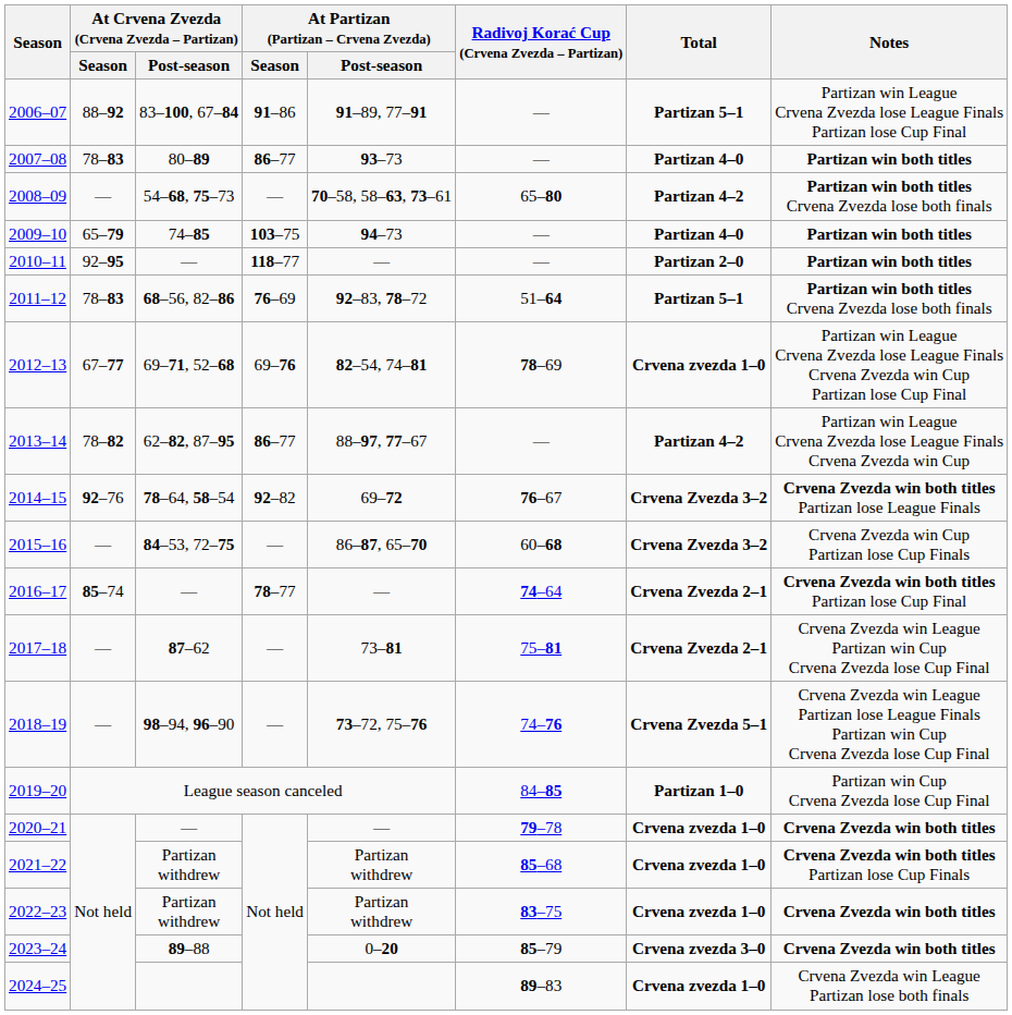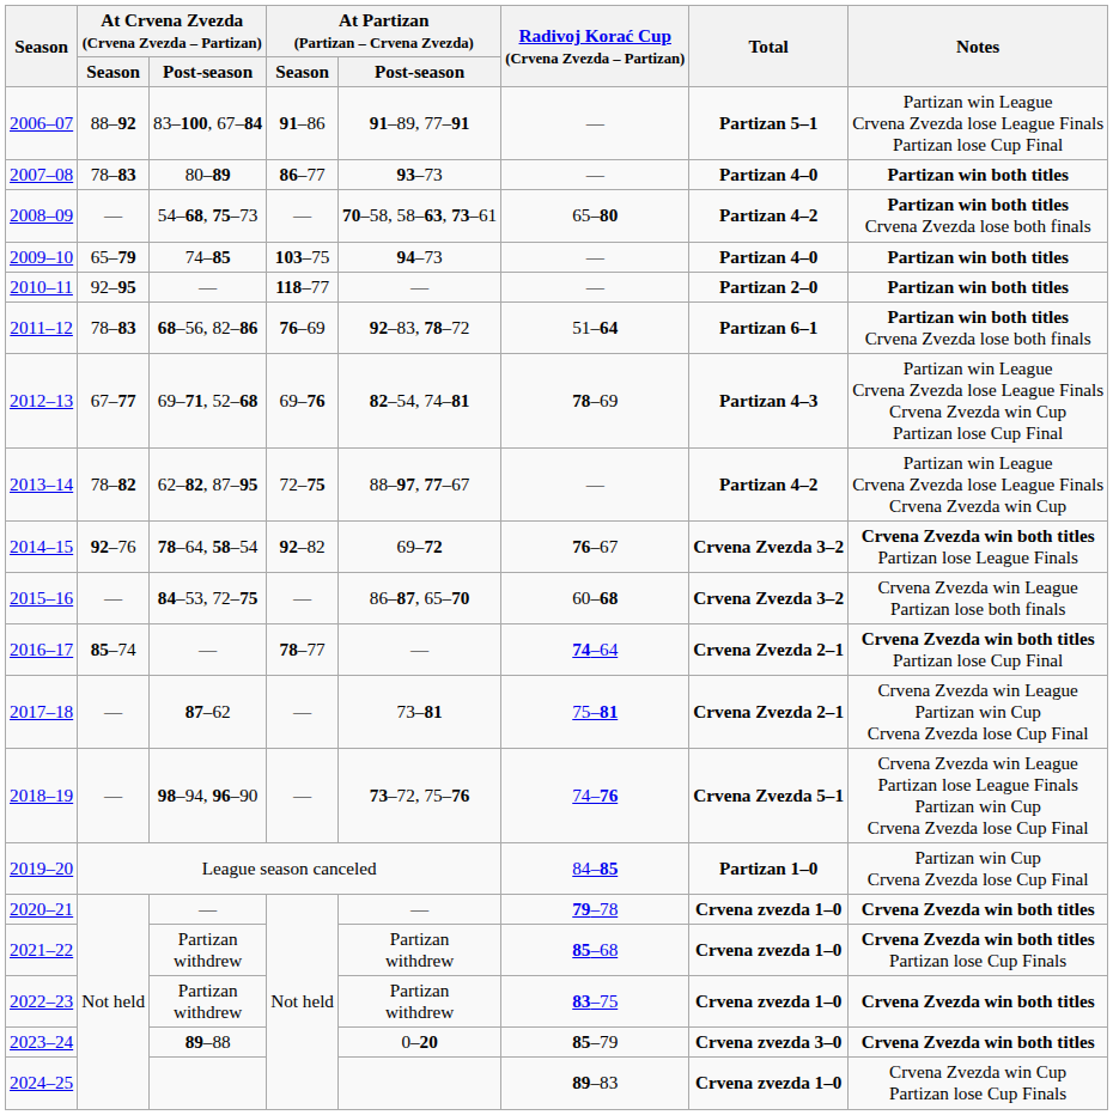 <table class="wikitable" style="text-align: center; font-size:95%">
 <tr>
 <th rowspan=2>Season</th>
 <th colspan=2>At Crvena Zvezda<br><small>(Crvena Zvezda – Partizan)</small></th>
 <th colspan=2>At Partizan<br><small>(Partizan – Crvena Zvezda)</small></th>
 <th rowspan=2><a href='#'>Radivoj Korać Cup</a><br><small>(Crvena Zvezda – Partizan)</small></th>
 <th rowspan=2>Total</th>
 <th rowspan=2>Notes</th>
 </tr>
 <tr>
 <th>Season</th>
 <th>Post-season</th>
 <th>Season</th>
 <th>Post-season</th>
 </tr>
 <tr>
 <td><a href='#'>2006–07</a></td>
 <td>88–<strong>92</strong></td>
 <td>83–<strong>100</strong>, 67–<strong>84</strong></td>
 <td><strong>91</strong>–86</td>
 <td><strong>91</strong>–89, 77–<strong>91</strong></td>
 <td>—</td>
 <td><strong>Partizan 5–1</strong></td>
 <td>Partizan win League<br>Crvena Zvezda lose League Finals<br>Partizan lose Cup Final</td>
 </tr>
 <tr>
 <td><a href='#'>2007–08</a></td>
 <td>78–<strong>83</strong></td>
 <td>80–<strong>89</strong></td>
 <td><strong>86</strong>–77</td>
 <td><strong>93</strong>–73</td>
 <td>—</td>
 <td><strong>Partizan 4–0</strong></td>
 <td><strong>Partizan win both titles</strong></td>
 </tr>
 <tr>
 <td><a href='#'>2008–09</a></td>
 <td>—</td>
 <td>54–<strong>68</strong>, <strong>75</strong>–73</td>
 <td>—</td>
 <td><strong>70</strong>–58, 58–<strong>63</strong>, <strong>73</strong>–61</td>
 <td>65–<strong>80</strong></td>
 <td><strong>Partizan 4–2</strong></td>
 <td><strong>Partizan win both titles</strong><br>Crvena Zvezda lose both finals</td>
 </tr>
 <tr>
 <td><a href='#'>2009–10</a></td>
 <td>65–<strong>79</strong></td>
 <td>74–<strong>85</strong></td>
 <td><strong>103</strong>–75</td>
 <td><strong>94</strong>–73</td>
 <td>—</td>
 <td><strong>Partizan 4–0</strong></td>
 <td><strong>Partizan win both titles</strong></td>
 </tr>
 <tr>
 <td><a href='#'>2010–11</a></td>
 <td>92–<strong>95</strong></td>
 <td>—</td>
 <td><strong>118</strong>–77</td>
 <td>—</td>
 <td>—</td>
 <td><strong>Partizan 2–0</strong></td>
 <td><strong>Partizan win both titles</strong></td>
 </tr>
 <tr>
 <td><a href='#'>2011–12</a></td>
 <td>78–<strong>83</strong></td>
 <td><strong>68</strong>–56, 82–<strong>86</strong></td>
 <td><strong>76</strong>–69</td>
 <td><strong>92</strong>–83, <strong>78</strong>–72</td>
 <td>51–<strong>64</strong></td>
-<td><strong>Partizan 5–1</strong></td>
+<td><strong>Partizan 6–1</strong></td>
 <td><strong>Partizan win both titles</strong><br>Crvena Zvezda lose both finals</td>
 </tr>
 <tr>
 <td><a href='#'>2012–13</a></td>
 <td>67–<strong>77</strong></td>
 <td>69–<strong>71</strong>, 52–<strong>68</strong></td>
 <td>69–<strong>76</strong></td>
 <td><strong>82</strong>–54, 74–<strong>81</strong></td>
 <td><strong>78</strong>–69</td>
-<td><strong>Crvena zvezda 1–0</strong></td>
+<td><strong>Partizan 4–3</strong></td>
 <td>Partizan win League<br>Crvena Zvezda lose League Finals<br>Crvena Zvezda win Cup<br>Partizan lose Cup Final</td>
 </tr>
 <tr>
 <td><a href='#'>2013–14</a></td>
 <td>78–<strong>82</strong></td>
 <td>62–<strong>82</strong>, 87–<strong>95</strong></td>
-<td><strong>86</strong>–77</td>
+<td>72–<strong>75</strong></td>
 <td>88–<strong>97</strong>, <strong>77</strong>–67</td>
 <td>—</td>
 <td><strong>Partizan 4–2</strong></td>
 <td>Partizan win League<br>Crvena Zvezda lose League Finals<br>Crvena Zvezda win Cup</td>
 </tr>
 <tr>
 <td><a href='#'>2014–15</a></td>
 <td><strong>92</strong>–76</td>
 <td><strong>78</strong>–64, <strong>58</strong>–54</td>
 <td><strong>92</strong>–82</td>
 <td>69–<strong>72</strong></td>
 <td><strong>76</strong>–67</td>
 <td><strong>Crvena Zvezda 3–2</strong></td>
 <td><strong>Crvena Zvezda win both titles</strong><br>Partizan lose League Finals</td>
 </tr>
 <tr>
 <td><a href='#'>2015–16</a></td>
 <td>—</td>
 <td><strong>84</strong>–53, 72–<strong>75</strong></td>
 <td>—</td>
 <td>86–<strong>87</strong>, 65–<strong>70</strong></td>
 <td>60–<strong>68</strong></td>
 <td><strong>Crvena Zvezda 3–2</strong></td>
-<td>Crvena Zvezda win Cup<br>Partizan lose Cup Finals</td>
+<td>Crvena Zvezda win League<br>Partizan lose both finals</td>
 </tr>
 <tr>
 <td><a href='#'>2016–17</a></td>
 <td><strong>85</strong>–74</td>
 <td>—</td>
 <td><strong>78</strong>–77</td>
 <td>—</td>
 <td><a href='#'><strong>74</strong>–64</a></td>
 <td><strong>Crvena Zvezda 2–1</strong></td>
 <td><strong>Crvena Zvezda win both titles</strong><br>Partizan lose Cup Final</td>
 </tr>
 <tr>
 <td><a href='#'>2017–18</a></td>
 <td>—</td>
 <td><strong>87</strong>–62</td>
 <td>—</td>
 <td>73–<strong>81</strong></td>
 <td><a href='#'>75–<strong>81</strong></a></td>
 <td><strong>Crvena Zvezda 2–1</strong></td>
 <td>Crvena Zvezda win League<br>Partizan win Cup<br>Crvena Zvezda lose Cup Final</td>
 </tr>
 <tr>
 <td><a href='#'>2018–19</a></td>
 <td>—</td>
 <td><strong>98</strong>–94, <strong>96</strong>–90</td>
 <td>—</td>
 <td><strong>73</strong>–72, 75–<strong>76</strong></td>
 <td><a href='#'>74–<strong>76</strong></a></td>
 <td><strong>Crvena Zvezda 5–1</strong></td>
 <td>Crvena Zvezda win League<br>Partizan lose League Finals<br>Partizan win Cup<br>Crvena Zvezda lose Cup Final</td>
 </tr>
 <tr>
 <td><a href='#'>2019–20</a></td>
 <td colspan=4>League season canceled<br></td>
 <td><a href='#'>84–<strong>85</strong></a></td>
 <td><strong>Partizan 1–0</strong></td>
 <td>Partizan win Cup<br>Crvena Zvezda lose Cup Final</td>
 </tr>
 <tr>
 <td><a href='#'>2020–21</a></td>
 <td rowspan=5>Not held</td>
 <td>—</td>
 <td rowspan=5>Not held</td>
 <td>—</td>
 <td><a href='#'><strong>79</strong>–78</a></td>
 <td><strong>Crvena zvezda 1–0</strong></td>
 <td><strong>Crvena Zvezda win both titles</strong></td>
 </tr>
 <tr>
 <td><a href='#'>2021–22</a></td>
 <td>Partizan<br>withdrew</td>
 <td>Partizan<br>withdrew</td>
 <td><a href='#'><strong>85</strong>–68</a></td>
 <td><strong>Crvena zvezda 1–0</strong></td>
 <td><strong>Crvena Zvezda win both titles</strong><br>Partizan lose Cup Finals</td>
 </tr>
 <tr>
 <td><a href='#'>2022–23</a></td>
 <td>Partizan<br>withdrew</td>
 <td>Partizan<br>withdrew</td>
 <td><a href='#'><strong>83</strong>–75</a></td>
 <td><strong>Crvena zvezda 1–0</strong></td>
 <td><strong>Crvena Zvezda win both titles</strong></td>
 </tr>
 <tr>
 <td><a href='#'>2023–24</a></td>
 <td><strong>89</strong>–88</td>
 <td>0–<strong>20</strong></td>
 <td><strong>85</strong>–79</td>
 <td><strong>Crvena zvezda 3–0</strong></td>
 <td><strong>Crvena Zvezda win both titles</strong></td>
 </tr>
 <tr>
 <td><a href='#'>2024–25</a></td>
 <td></td>
 <td></td>
 <td><strong>89</strong>–83</td>
 <td><strong>Crvena zvezda 1–0</strong></td>
-<td>Crvena Zvezda win League<br>Partizan lose both finals</td>
+<td>Crvena Zvezda win Cup<br>Partizan lose Cup Finals</td>
 </tr>
 <tr>
 </tr>
 </table>
